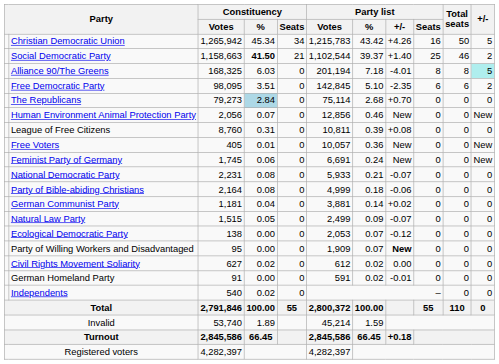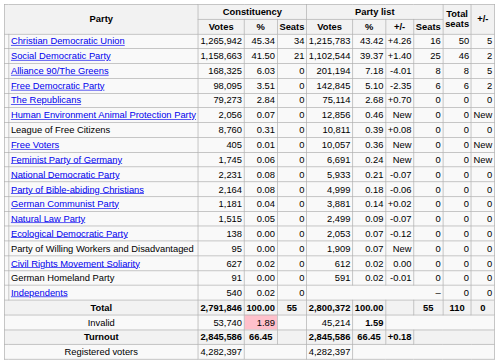 <table class="wikitable sortable" style="text-align:right; font-size:90%">
 <tr>
 <th rowspan=2 colspan=2>Party</th>
 <th colspan=3>Constituency</th>
 <th colspan=4>Party list</th>
 <th rowspan=2>Total<br>seats</th>
 <th rowspan=2>+/-</th>
 </tr>
 <tr>
 <th>Votes</th>
 <th>%</th>
 <th>Seats</th>
 <th>Votes</th>
 <th>%</th>
 <th>+/-</th>
 <th>Seats</th>
 </tr>
 <tr>
 <td bgcolor=></td>
 <td align=left><a href='#'>Christian Democratic Union</a></td>
 <td>1,265,942</td>
 <td>45.34</td>
 <td>34</td>
 <td>1,215,783</td>
 <td>43.42</td>
 <td>+4.26</td>
 <td>16</td>
 <td>50</td>
 <td> 5</td>
 </tr>
 <tr>
 <td bgcolor=></td>
 <td align=left><a href='#'>Social Democratic Party</a></td>
 <td>1,158,663</td>
-<td><strong>41.50</strong></td>
+<td>41.50</td>
 <td>21</td>
 <td>1,102,544</td>
 <td>39.37</td>
 <td>+1.40</td>
 <td>25</td>
 <td>46</td>
 <td> 2</td>
 </tr>
 <tr>
 <td bgcolor=></td>
 <td align=left><a href='#'>Alliance 90/The Greens</a></td>
 <td>168,325</td>
 <td>6.03</td>
 <td>0</td>
 <td>201,194</td>
 <td>7.18</td>
 <td>-4.01</td>
 <td>8</td>
 <td>8</td>
-<td style="background: paleturquoise;"> 5</td>
+<td> 5</td>
 </tr>
 <tr>
 <td bgcolor=></td>
 <td align=left><a href='#'>Free Democratic Party</a></td>
 <td>98,095</td>
 <td>3.51</td>
 <td>0</td>
 <td>142,845</td>
 <td>5.10</td>
 <td>-2.35</td>
 <td>6</td>
 <td>6</td>
 <td> 2</td>
 </tr>
 <tr>
 <td bgcolor=></td>
 <td align=left><a href='#'>The Republicans</a></td>
 <td>79,273</td>
-<td style="background: lightblue;">2.84</td>
+<td>2.84</td>
 <td>0</td>
 <td>75,114</td>
 <td>2.68</td>
 <td>+0.70</td>
 <td>0</td>
 <td>0</td>
 <td> 0</td>
 </tr>
 <tr>
 <td bgcolor=></td>
 <td align=left><a href='#'>Human Environment Animal Protection Party</a></td>
 <td>2,056</td>
 <td>0.07</td>
 <td>0</td>
 <td>12,856</td>
 <td>0.46</td>
 <td>New</td>
 <td>0</td>
 <td>0</td>
 <td>New</td>
 </tr>
 <tr>
 <td></td>
 <td align=left>League of Free Citizens</td>
 <td>8,760</td>
 <td>0.31</td>
 <td>0</td>
 <td>10,811</td>
 <td>0.39</td>
 <td>+0.08</td>
 <td>0</td>
 <td>0</td>
 <td> 0</td>
 </tr>
 <tr>
 <td bgcolor=></td>
 <td align=left><a href='#'>Free Voters</a></td>
 <td>405</td>
 <td>0.01</td>
 <td>0</td>
 <td>10,057</td>
 <td>0.36</td>
 <td>New</td>
 <td>0</td>
 <td>0</td>
 <td>New</td>
 </tr>
 <tr>
 <td bgcolor=></td>
 <td align=left><a href='#'>Feminist Party of Germany</a></td>
 <td>1,745</td>
 <td>0.06</td>
 <td>0</td>
 <td>6,691</td>
 <td>0.24</td>
 <td>New</td>
 <td>0</td>
 <td>0</td>
 <td>New</td>
 </tr>
 <tr>
 <td bgcolor=></td>
 <td align=left><a href='#'>National Democratic Party</a></td>
 <td>2,231</td>
 <td>0.08</td>
 <td>0</td>
 <td>5,933</td>
 <td>0.21</td>
 <td>-0.07</td>
 <td>0</td>
 <td>0</td>
 <td> 0</td>
 </tr>
 <tr>
 <td bgcolor=></td>
 <td align=left><a href='#'>Party of Bible-abiding Christians</a></td>
 <td>2,164</td>
 <td>0.08</td>
 <td>0</td>
 <td>4,999</td>
 <td>0.18</td>
 <td>-0.06</td>
 <td>0</td>
 <td>0</td>
 <td> 0</td>
 </tr>
 <tr>
 <td bgcolor=></td>
 <td align=left><a href='#'>German Communist Party</a></td>
 <td>1,181</td>
 <td>0.04</td>
 <td>0</td>
 <td>3,881</td>
 <td>0.14</td>
 <td>+0.02</td>
 <td>0</td>
 <td>0</td>
 <td> 0</td>
 </tr>
 <tr>
 <td bgcolor=></td>
 <td align=left><a href='#'>Natural Law Party</a></td>
 <td>1,515</td>
 <td>0.05</td>
 <td>0</td>
 <td>2,499</td>
 <td>0.09</td>
 <td>-0.07</td>
 <td>0</td>
 <td>0</td>
 <td> 0</td>
 </tr>
 <tr>
 <td bgcolor=></td>
 <td align=left><a href='#'>Ecological Democratic Party</a></td>
 <td>138</td>
 <td>0.00</td>
 <td>0</td>
 <td>2,053</td>
 <td>0.07</td>
 <td>-0.12</td>
 <td>0</td>
 <td>0</td>
 <td> 0</td>
 </tr>
 <tr>
 <td></td>
 <td align=left>Party of Willing Workers and Disadvantaged</td>
 <td>95</td>
 <td>0.00</td>
 <td>0</td>
 <td>1,909</td>
 <td>0.07</td>
-<td><strong>New</strong></td>
+<td>New</td>
 <td>0</td>
 <td>0</td>
 <td> 0</td>
 </tr>
 <tr>
 <td bgcolor=></td>
 <td align=left><a href='#'>Civil Rights Movement Soliarity</a></td>
 <td>627</td>
 <td>0.02</td>
 <td>0</td>
 <td>612</td>
 <td>0.02</td>
 <td>0.00</td>
 <td>0</td>
 <td>0</td>
 <td> 0</td>
 </tr>
 <tr>
 <td></td>
 <td align=left>German Homeland Party</td>
 <td>91</td>
 <td>0.00</td>
 <td>0</td>
 <td>591</td>
 <td>0.02</td>
 <td>-0.01</td>
 <td>0</td>
 <td>0</td>
 <td> 0</td>
 </tr>
 <tr>
 <td bgcolor=></td>
 <td align=left><a href='#'>Independents</a></td>
 <td>540</td>
 <td>0.02</td>
 <td>0</td>
 <td colspan=4>–</td>
 <td>0</td>
 <td> 0</td>
 </tr>
 <tr>
 <th colspan=2>Total</th>
 <th>2,791,846</th>
 <th>100.00</th>
 <th>55</th>
 <th>2,800,372</th>
 <th>100.00</th>
 <th></th>
 <th>55</th>
 <th>110</th>
 <th> 0</th>
 </tr>
 <tr>
 <td colspan=2 align=center>Invalid</td>
 <td>53,740</td>
-<td>1.89</td>
+<td style="background: pink;">1.89</td>
 <td></td>
 <td>45,214</td>
-<td>1.59</td>
+<td><strong>1.59</strong></td>
 <td colspan=4></td>
 </tr>
 <tr>
 <th colspan=2>Turnout</th>
 <th>2,845,586</th>
 <th>66.45</th>
 <th></th>
 <th>2,845,586</th>
 <th>66.45</th>
 <th>+0.18</th>
 <th colspan=4></th>
 </tr>
 <tr>
 <td colspan=2 align=center>Registered voters</td>
 <td>4,282,397</td>
 <td colspan=2></td>
 <td>4,282,397</td>
 <td colspan=5></td>
 </tr>
 </table>
